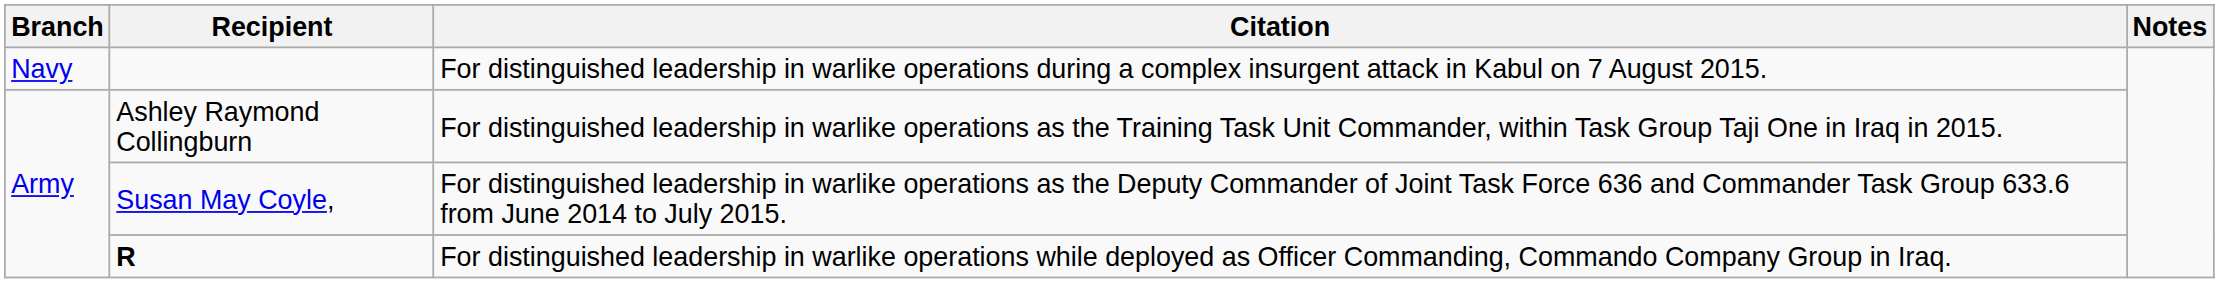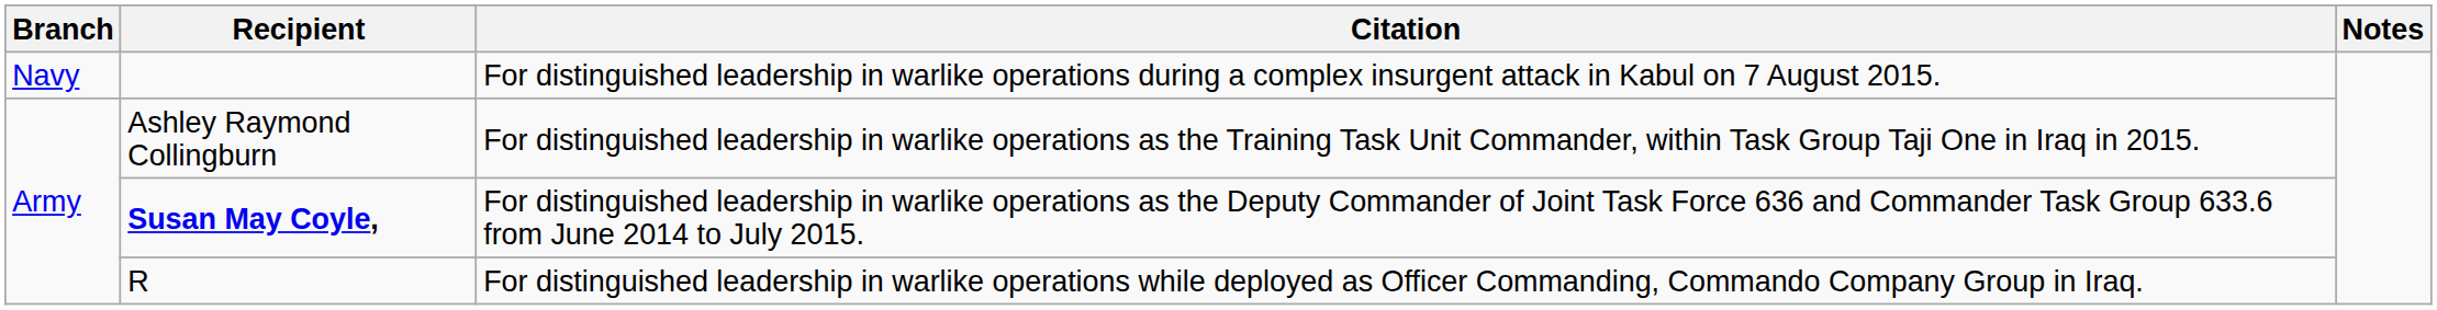 <table class="wikitable" style="font-size:95%;">
 <tr>
 <th>Branch</th>
 <th>Recipient</th>
 <th>Citation</th>
 <th>Notes</th>
 </tr>
 <tr>
 <td><a href='#'>Navy</a></td>
 <td></td>
 <td>For distinguished leadership in warlike operations during a complex insurgent attack in Kabul on 7 August 2015.</td>
 <td rowspan=4></td>
 </tr>
 <tr>
 <td rowspan=3><a href='#'>Army</a></td>
 <td> Ashley Raymond Collingburn</td>
 <td>For distinguished leadership in warlike operations as the Training Task Unit Commander, within Task Group Taji One in Iraq in 2015.</td>
 </tr>
 <tr>
-<td> <a href='#'>Susan May Coyle</a>, </td>
+<td><strong> <a href='#'>Susan May Coyle</a>, </strong></td>
 <td>For distinguished leadership in warlike operations as the Deputy Commander of Joint Task Force 636 and Commander Task Group 633.6 from June 2014 to July 2015.</td>
 </tr>
 <tr>
-<td><strong> R</strong></td>
+<td> R</td>
 <td>For distinguished leadership in warlike operations while deployed as Officer Commanding, Commando Company Group in Iraq.</td>
 </tr>
 </table>
